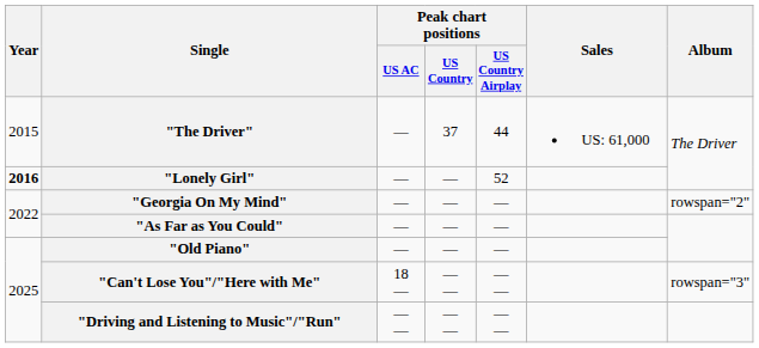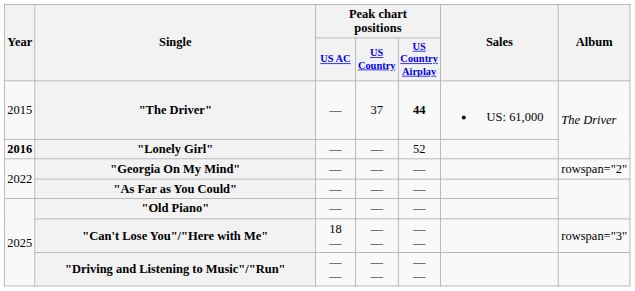 <table class="wikitable plainrowheaders" style="text-align:center;">
 <tr>
 <th rowspan="2">Year</th>
 <th rowspan="2" style="width:22em;">Single</th>
 <th colspan="3">Peak chart<br>positions</th>
 <th rowspan="2" style="width:9em;">Sales</th>
 <th rowspan="2">Album</th>
 </tr>
 <tr style="font-size:smaller;">
 <th width="45"><a href='#'>US AC</a><br></th>
 <th width="45"><a href='#'>US Country</a></th>
 <th width="45"><a href='#'>US Country Airplay</a></th>
 </tr>
 <tr>
 <td>2015</td>
 <th scope="row">"The Driver"<br></th>
 <td>—</td>
 <td>37</td>
-<td>44</td>
+<td><strong>44</strong></td>
 <td><br><ul><li>US: 61,000</li></ul></td>
 <td align="left" rowspan="2"><em>The Driver</em></td>
 </tr>
 <tr>
 <td><strong>2016</strong></td>
 <th scope="row">"Lonely Girl"</th>
 <td>—</td>
 <td>—</td>
 <td>52</td>
 <td></td>
 </tr>
 <tr>
 <td rowspan="2">2022</td>
 <th scope="row">"Georgia On My Mind"</th>
 <td>—</td>
 <td>—</td>
 <td>—</td>
 <td></td>
 <td>rowspan="2" </td>
 </tr>
 <tr>
 <th scope="row">"As Far as You Could"</th>
 <td>—</td>
 <td>—</td>
 <td>—</td>
 <td></td>
 </tr>
 <tr>
 <td rowspan="3">2025</td>
 <th scope="row">"Old Piano" </th>
 <td>—</td>
 <td>—</td>
 <td>—</td>
 <td></td>
 </tr>
 <tr>
 <th scope="row">"Can't Lose You"/"Here with Me"</th>
 <td>18<br>—</td>
 <td>—<br>—</td>
 <td>—<br>—</td>
 <td></td>
 <td>rowspan="3" </td>
 </tr>
 <tr>
 <th scope="row">"Driving and Listening to Music"/"Run"</th>
 <td>—<br>—</td>
 <td>—<br>—</td>
 <td>—<br>—</td>
 <td></td>
 </tr>
 </table>
